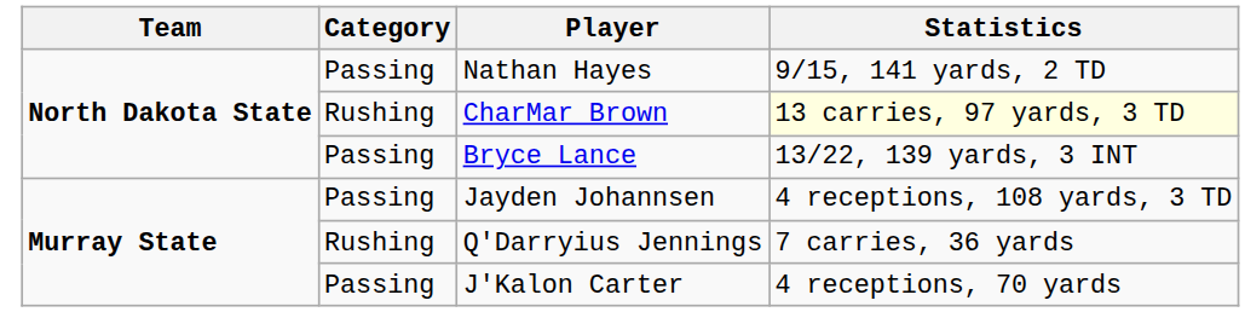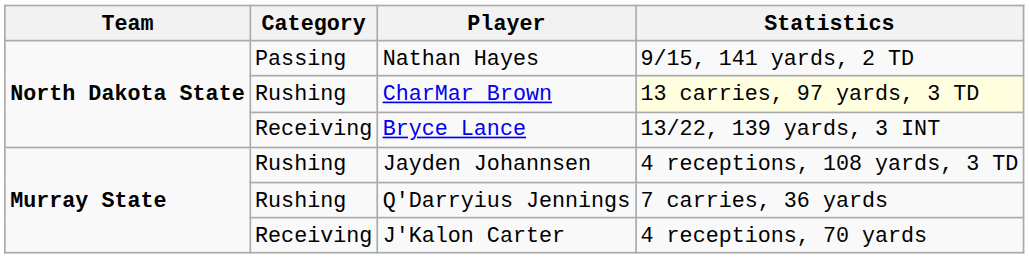 <table class="wikitable" style="float: right;">
 <tr>
 <th>Team</th>
 <th>Category</th>
 <th>Player</th>
 <th>Statistics</th>
 </tr>
 <tr>
 <td rowspan=3><strong>North Dakota State</strong></td>
 <td>Passing</td>
 <td>Nathan Hayes</td>
 <td>9/15, 141 yards, 2 TD</td>
 </tr>
 <tr>
 <td>Rushing</td>
 <td><a href='#'>CharMar Brown</a></td>
 <td style="background: lightyellow;">13 carries, 97 yards, 3 TD</td>
 </tr>
 <tr>
-<td>Passing</td>
+<td>Receiving</td>
 <td><a href='#'>Bryce Lance</a></td>
 <td>13/22, 139 yards, 3 INT</td>
 </tr>
 <tr>
 <td rowspan=3><strong>Murray State</strong></td>
-<td>Passing</td>
+<td>Rushing</td>
 <td>Jayden Johannsen</td>
 <td>4 receptions, 108 yards, 3 TD</td>
 </tr>
 <tr>
 <td>Rushing</td>
 <td>Q'Darryius Jennings</td>
 <td>7 carries, 36 yards</td>
 </tr>
 <tr>
-<td>Passing</td>
+<td>Receiving</td>
 <td>J'Kalon Carter</td>
 <td>4 receptions, 70 yards</td>
 </tr>
 </table>
